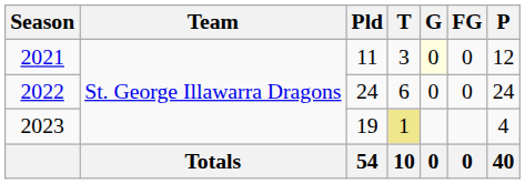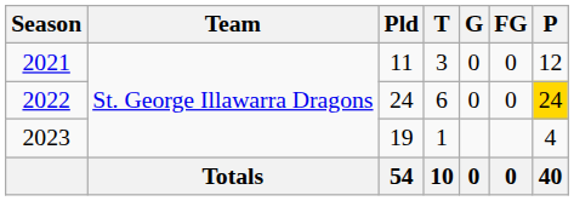 <table class="wikitable" style="border-collapse:collapse;text-align:center">
 <tr>
 <th>Season</th>
 <th>Team</th>
 <th>Pld</th>
 <th>T</th>
 <th>G</th>
 <th>FG</th>
 <th>P</th>
 </tr>
 <tr>
 <td><a href='#'>2021</a></td>
 <td rowspan="3"> <a href='#'>St. George Illawarra Dragons</a></td>
 <td>11</td>
 <td>3</td>
-<td style="background: lightyellow;">0</td>
+<td>0</td>
 <td>0</td>
 <td>12</td>
 </tr>
 <tr>
 <td><a href='#'>2022</a></td>
 <td>24</td>
 <td>6</td>
 <td>0</td>
 <td>0</td>
-<td>24</td>
+<td style="background: gold;">24</td>
 </tr>
 <tr>
 <td>2023</td>
 <td>19</td>
-<td style="background: khaki;">1</td>
+<td>1</td>
 <td></td>
 <td></td>
 <td>4</td>
 </tr>
 <tr>
 <th></th>
 <th>Totals</th>
 <th>54</th>
 <th>10</th>
 <th>0</th>
 <th>0</th>
 <th>40</th>
 </tr>
 </table>
